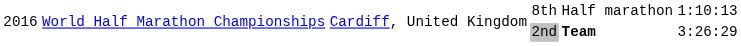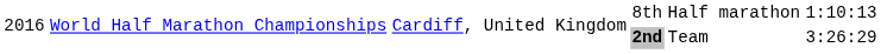 <table>
 <tr>
 <td rowspan=2>2016</td>
 <td rowspan=2><a href='#'>World Half Marathon Championships</a></td>
 <td rowspan=2><a href='#'>Cardiff</a>, United Kingdom</td>
 <td>8th</td>
 <td>Half marathon</td>
 <td>1:10:13</td>
 </tr>
 <tr>
-<td bgcolor=silver>2nd</td>
-<td><strong>Team</strong></td>
+<td bgcolor=silver><strong>2nd</strong></td>
+<td>Team</td>
 <td>3:26:29</td>
 </tr>
 </table>
